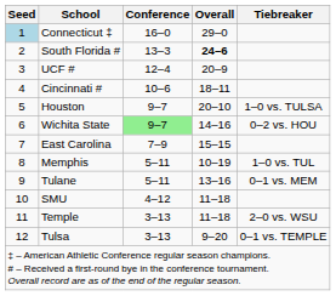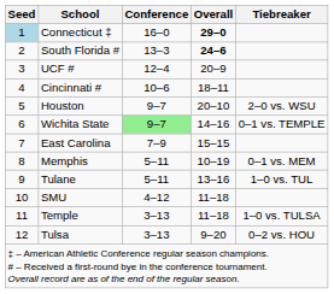 <table class="wikitable" style="text-align:center">
 <tr>
 <th>Seed</th>
 <th>School</th>
 <th>Conference</th>
 <th>Overall</th>
 <th>Tiebreaker</th>
 </tr>
 <tr>
 <td style="background: lightblue;">1</td>
 <td align=left>Connecticut ‡</td>
 <td>16–0</td>
-<td>29–0</td>
+<td><strong>29–0</strong></td>
 <td></td>
 </tr>
 <tr>
 <td>2</td>
 <td align=left>South Florida #</td>
 <td>13–3</td>
 <td><strong>24–6</strong></td>
 <td></td>
 </tr>
 <tr>
 <td>3</td>
 <td align=left>UCF #</td>
 <td>12–4</td>
 <td>20–9</td>
 <td></td>
 </tr>
 <tr>
 <td>4</td>
 <td align=left>Cincinnati #</td>
 <td>10–6</td>
 <td>18–11</td>
 <td></td>
 </tr>
 <tr>
 <td>5</td>
 <td align=left>Houston</td>
 <td>9–7</td>
 <td>20–10</td>
-<td>1–0 vs. TULSA</td>
+<td>2–0 vs. WSU</td>
 </tr>
 <tr>
 <td>6</td>
 <td align=left>Wichita State</td>
 <td style="background: lightgreen;">9–7</td>
 <td>14–16</td>
-<td>0–2 vs. HOU</td>
+<td>0–1 vs. TEMPLE</td>
 </tr>
 <tr>
 <td>7</td>
 <td align=left>East Carolina</td>
 <td>7–9</td>
 <td>15–15</td>
 <td></td>
 </tr>
 <tr>
 <td>8</td>
 <td align=left>Memphis</td>
 <td>5–11</td>
 <td>10–19</td>
-<td>1–0 vs. TUL</td>
+<td>0–1 vs. MEM</td>
 </tr>
 <tr>
 <td>9</td>
 <td align=left>Tulane</td>
 <td>5–11</td>
 <td>13–16</td>
-<td>0–1 vs. MEM</td>
+<td>1–0 vs. TUL</td>
 </tr>
 <tr>
 <td>10</td>
 <td align=left>SMU</td>
 <td>4–12</td>
 <td>11–18</td>
 <td></td>
 </tr>
 <tr>
 <td>11</td>
 <td align=left>Temple</td>
 <td>3–13</td>
 <td>11–18</td>
-<td>2–0 vs. WSU</td>
+<td>1–0 vs. TULSA</td>
 </tr>
 <tr>
 <td>12</td>
 <td align=left>Tulsa</td>
 <td>3–13</td>
 <td>9–20</td>
-<td>0–1 vs. TEMPLE</td>
+<td>0–2 vs. HOU</td>
 </tr>
 <tr>
 <td colspan="6" style="text-align:left;"><small>‡ – American Athletic Conference regular season champions.<br># – Received a first-round bye in the conference tournament. <br><em>Overall record are as of the end of the regular season</em>.</small></td>
 </tr>
 </table>
